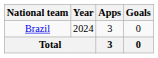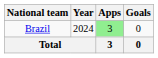 <table class="wikitable" style="text-align:center">
 <tr>
 <th>National team</th>
 <th>Year</th>
 <th>Apps</th>
 <th>Goals</th>
 </tr>
 <tr>
 <td><a href='#'>Brazil</a></td>
 <td>2024</td>
-<td>3</td>
+<td style="background: lightgreen;">3</td>
 <td>0</td>
 </tr>
 <tr>
 <th colspan="2">Total</th>
 <th>3</th>
 <th>0</th>
 </tr>
 </table>
